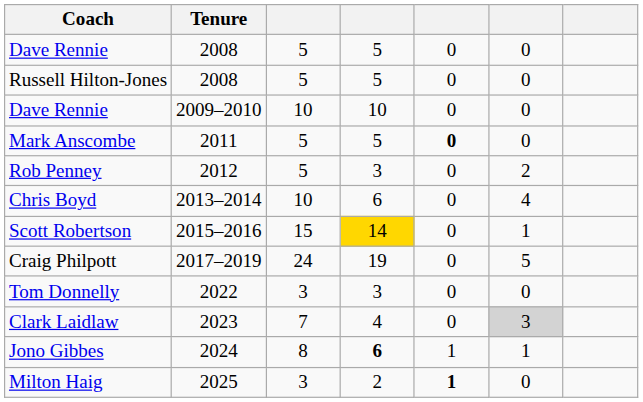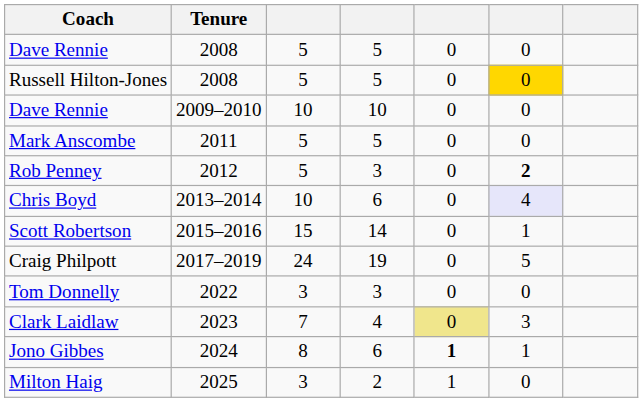 <table class="wikitable" style="text-align:center">
 <tr>
 <th>Coach</th>
 <th>Tenure</th>
 <th width=55px></th>
 <th width=55px></th>
 <th width=55px></th>
 <th width=55px></th>
 <th width=55px></th>
 </tr>
 <tr>
 <td align="left"> <a href='#'>Dave Rennie</a></td>
 <td>2008</td>
 <td>5</td>
 <td>5</td>
 <td>0</td>
 <td>0</td>
 <td></td>
 </tr>
 <tr>
 <td align="left"> Russell Hilton-Jones</td>
 <td>2008</td>
 <td>5</td>
 <td>5</td>
 <td>0</td>
-<td>0</td>
+<td style="background: gold;">0</td>
 <td></td>
 </tr>
 <tr>
 <td align="left"> <a href='#'>Dave Rennie</a></td>
 <td>2009–2010</td>
 <td>10</td>
 <td>10</td>
 <td>0</td>
 <td>0</td>
 <td></td>
 </tr>
 <tr>
 <td align="left"> <a href='#'>Mark Anscombe</a></td>
 <td>2011</td>
 <td>5</td>
 <td>5</td>
-<td><strong>0</strong></td>
+<td>0</td>
 <td>0</td>
 <td></td>
 </tr>
 <tr>
 <td align="left"> <a href='#'>Rob Penney</a></td>
 <td>2012</td>
 <td>5</td>
 <td>3</td>
 <td>0</td>
-<td>2</td>
+<td><strong>2</strong></td>
 <td></td>
 </tr>
 <tr>
 <td align="left"> <a href='#'>Chris Boyd</a></td>
 <td>2013–2014</td>
 <td>10</td>
 <td>6</td>
 <td>0</td>
-<td>4</td>
+<td style="background: lavender;">4</td>
 <td></td>
 </tr>
 <tr>
 <td align="left"> <a href='#'>Scott Robertson</a></td>
 <td>2015–2016</td>
 <td>15</td>
-<td style="background: gold;">14</td>
+<td>14</td>
 <td>0</td>
 <td>1</td>
 <td></td>
 </tr>
 <tr>
 <td align="left"> Craig Philpott</td>
 <td>2017–2019</td>
 <td>24</td>
 <td>19</td>
 <td>0</td>
 <td>5</td>
 <td></td>
 </tr>
 <tr>
 <td align="left"> <a href='#'>Tom Donnelly</a></td>
 <td>2022</td>
 <td>3</td>
 <td>3</td>
 <td>0</td>
 <td>0</td>
 <td></td>
 </tr>
 <tr>
 <td align="left"> <a href='#'>Clark Laidlaw</a></td>
 <td>2023</td>
 <td>7</td>
 <td>4</td>
-<td>0</td>
-<td style="background: lightgrey;">3</td>
+<td style="background: khaki;">0</td>
+<td>3</td>
 <td></td>
 </tr>
 <tr>
 <td align="left"> <a href='#'>Jono Gibbes</a></td>
 <td>2024</td>
 <td>8</td>
-<td><strong>6</strong></td>
-<td>1</td>
+<td>6</td>
+<td><strong>1</strong></td>
 <td>1</td>
 <td></td>
 </tr>
 <tr>
 <td align="left"> <a href='#'>Milton Haig</a></td>
 <td>2025</td>
 <td>3</td>
 <td>2</td>
-<td><strong>1</strong></td>
+<td>1</td>
 <td>0</td>
 <td></td>
 </tr>
 </table>
